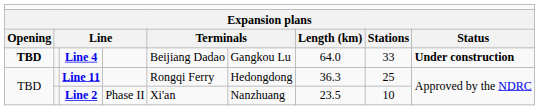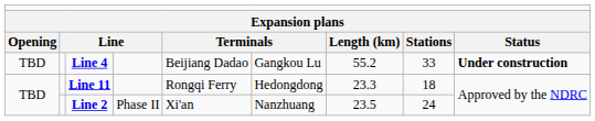 <table class="wikitable">
 <tr>
 <td colspan="9"></td>
 </tr>
 <tr>
 <th colspan="9">Expansion plans</th>
 </tr>
 <tr>
 <th>Opening</th>
 <th colspan="3">Line</th>
 <th colspan="2">Terminals</th>
 <th style="white-space: nowrap">Length (km)</th>
 <th>Stations</th>
 <th>Status</th>
 </tr>
 <tr>
-<td style="text-align: center"><strong>TBD</strong></td>
+<td style="text-align: center">TBD</td>
 <td style="background-color: #"></td>
 <td style="text-align: center"><strong><a href='#'>Line 4</a></strong></td>
 <td></td>
 <td style="white-space: nowrap">Beijiang Dadao</td>
 <td style="white-space: nowrap">Gangkou Lu</td>
-<td style="text-align: center">64.0</td>
+<td style="text-align: center">55.2</td>
 <td style="text-align: center">33</td>
 <td style="text-align: left"><strong>Under construction</strong></td>
 </tr>
 <tr>
 <td rowspan="2" style="text-align: center">TBD</td>
 <td style="background-color: #"></td>
 <td style="text-align: center"><strong><a href='#'>Line 11</a></strong></td>
 <td></td>
 <td style="white-space: nowrap">Rongqi Ferry</td>
 <td style="white-space: nowrap">Hedongdong</td>
-<td style="text-align: center">36.3</td>
-<td style="text-align: center">25</td>
+<td style="text-align: center">23.3</td>
+<td style="text-align: center">18</td>
 <td rowspan="2" style="text-align: center">Approved by the <a href='#'>NDRC</a></td>
 </tr>
 <tr>
 <td style="background-color: #"></td>
 <td style="text-align: center"><strong><a href='#'>Line 2</a></strong></td>
 <td>Phase II</td>
 <td style="white-space: nowrap">Xi'an</td>
 <td style="white-space: nowrap">Nanzhuang</td>
 <td style="text-align: center">23.5</td>
-<td style="text-align: center">10</td>
+<td style="text-align: center">24</td>
 </tr>
 </table>
